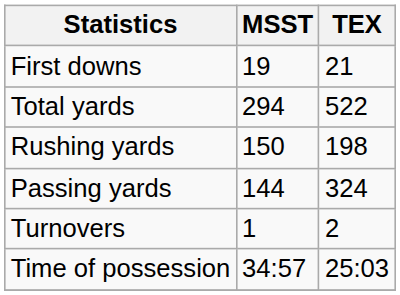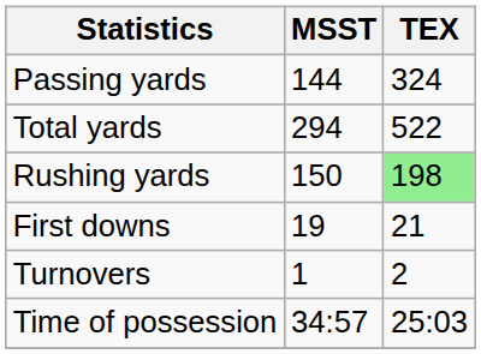 <table class="wikitable" style="float: left;">
 <tr>
 <th>Statistics</th>
 <th>MSST</th>
 <th>TEX</th>
 </tr>
 <tr>
-<td>First downs</td>
-<td>19</td>
-<td>21</td>
+<td>Passing yards</td>
+<td>144</td>
+<td>324</td>
 </tr>
 <tr>
 <td>Total yards</td>
 <td>294</td>
 <td>522</td>
 </tr>
 <tr>
 <td>Rushing yards</td>
 <td>150</td>
-<td>198</td>
+<td style="background: lightgreen;">198</td>
 </tr>
 <tr>
-<td>Passing yards</td>
-<td>144</td>
-<td>324</td>
+<td>First downs</td>
+<td>19</td>
+<td>21</td>
 </tr>
 <tr>
 <td>Turnovers</td>
 <td>1</td>
 <td>2</td>
 </tr>
 <tr>
 <td>Time of possession</td>
 <td>34:57</td>
 <td>25:03</td>
 </tr>
 <tr>
 </tr>
 </table>
